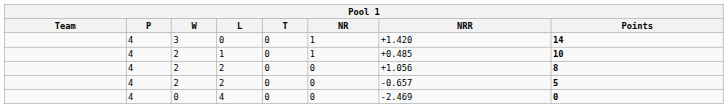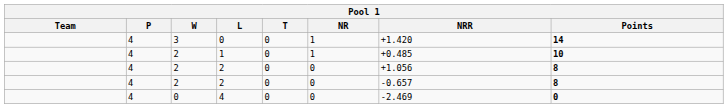 <table class="wikitable" width=85%>
 <tr>
 <th colspan="8">Pool 1</th>
 </tr>
 <tr>
 <th>Team</th>
 <th>P</th>
 <th>W</th>
 <th>L</th>
 <th>T</th>
 <th>NR</th>
 <th>NRR</th>
 <th>Points</th>
 </tr>
 <tr>
 <td align=left></td>
 <td>4</td>
 <td>3</td>
 <td>0</td>
 <td>0</td>
 <td>1</td>
 <td>+1.420</td>
 <td><strong>14</strong></td>
 </tr>
 <tr>
 <td align=left></td>
 <td>4</td>
 <td>2</td>
 <td>1</td>
 <td>0</td>
 <td>1</td>
 <td>+0.485</td>
 <td><strong>10</strong></td>
 </tr>
 <tr>
 <td align=left></td>
 <td>4</td>
 <td>2</td>
 <td>2</td>
 <td>0</td>
 <td>0</td>
 <td>+1.056</td>
 <td><strong>8</strong></td>
 </tr>
 <tr>
 <td align=left></td>
 <td>4</td>
 <td>2</td>
 <td>2</td>
 <td>0</td>
 <td>0</td>
 <td>-0.657</td>
-<td><strong>5</strong></td>
+<td><strong>8</strong></td>
 </tr>
 <tr>
 <td align=left></td>
 <td>4</td>
 <td>0</td>
 <td>4</td>
 <td>0</td>
 <td>0</td>
 <td>-2.469</td>
 <td><strong>0</strong></td>
 </tr>
 </table>
